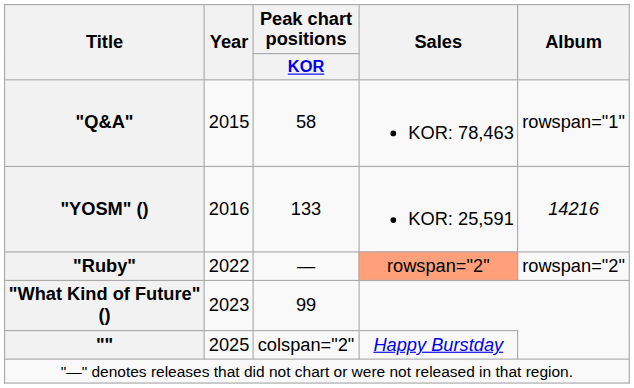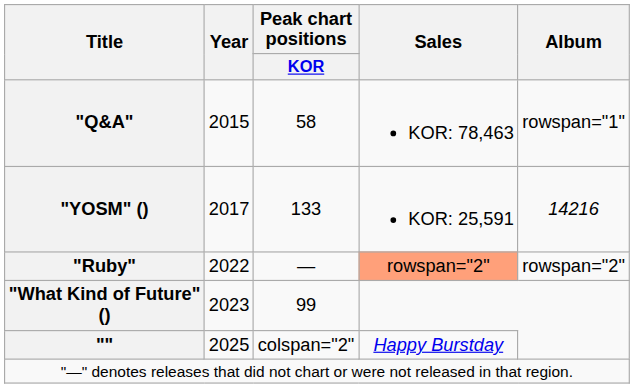 <table class="wikitable plainrowheaders" style="text-align:center;">
 <tr>
 <th scope="col" rowspan="2">Title</th>
 <th scope="col" rowspan="2">Year</th>
 <th scope="col">Peak chart<br>positions</th>
 <th scope="col" rowspan="2">Sales</th>
 <th scope="col" rowspan="2">Album</th>
 </tr>
 <tr>
 <th style="width:4em;font-size:90%"><a href='#'>KOR</a><br></th>
 </tr>
 <tr>
 <th scope="row">"Q&A" <br></th>
 <td>2015</td>
 <td>58</td>
 <td><br><ul><li>KOR: 78,463</li></ul></td>
 <td>rowspan="1" </td>
 </tr>
 <tr>
 <th scope="row">"YOSM" () <br></th>
-<td>2016</td>
+<td>2017</td>
 <td>133</td>
 <td><br><ul><li>KOR: 25,591</li></ul></td>
 <td><em>14216</em></td>
 </tr>
 <tr>
 <th scope="row">"Ruby"</th>
 <td>2022</td>
 <td>—</td>
 <td style="background: lightsalmon;">rowspan="2" </td>
 <td>rowspan="2" </td>
 </tr>
 <tr>
 <th scope="row">"What Kind of Future"<br>()</th>
 <td>2023</td>
 <td>99</td>
 </tr>
 <tr>
 <th scope="row">""</th>
 <td>2025</td>
 <td>colspan="2" </td>
 <td><em><a href='#'>Happy Burstday</a></em></td>
 </tr>
 <tr>
 <td colspan="5" style="font-size:85%">"—" denotes releases that did not chart or were not released in that region.</td>
 </tr>
 </table>
